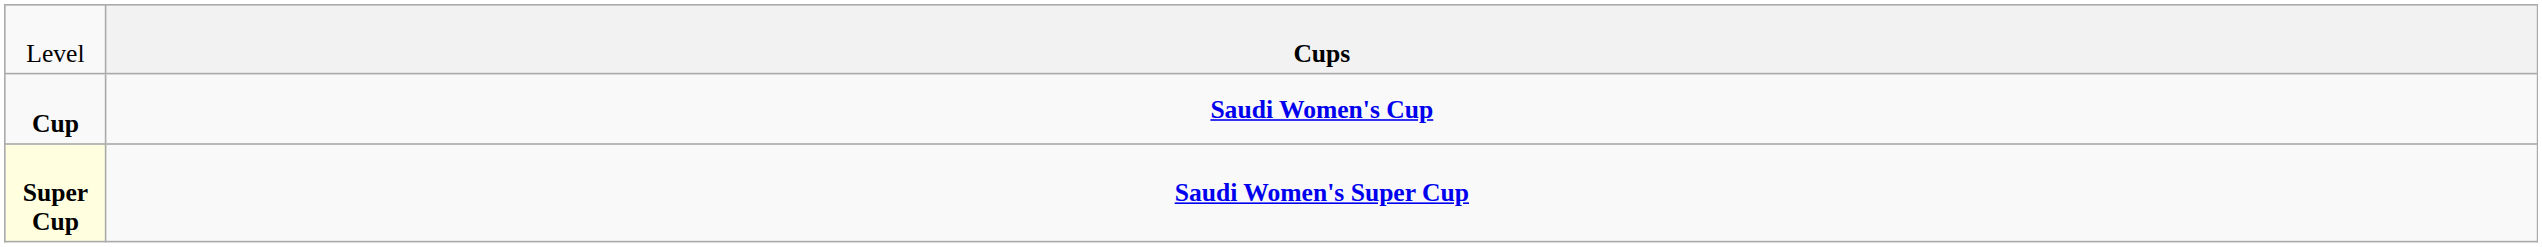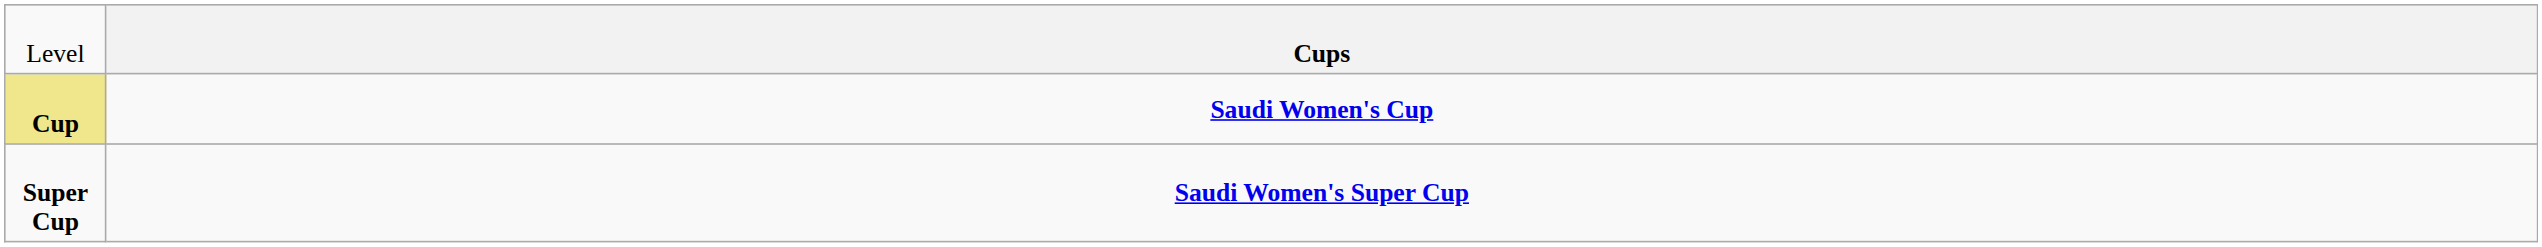 <table class="wikitable" style="text-align: center;" width="100%">
 <tr>
 <td width="4%"><br>Level</td>
 <th colspan="6" width="96%"><br>Cups</th>
 </tr>
 <tr>
-<td width="4%"><br><strong>Cup</strong></td>
+<td width="4%" style="background: khaki;"><br><strong>Cup</strong></td>
 <td colspan="6"><strong><a href='#'>Saudi Women's Cup</a></strong></td>
 </tr>
 <tr>
-<td width="4%" style="background: lightyellow;"><br><strong>Super Cup</strong></td>
+<td width="4%"><br><strong>Super Cup</strong></td>
 <td colspan="6"><strong><a href='#'>Saudi Women's Super Cup</a></strong></td>
 </tr>
 </table>
